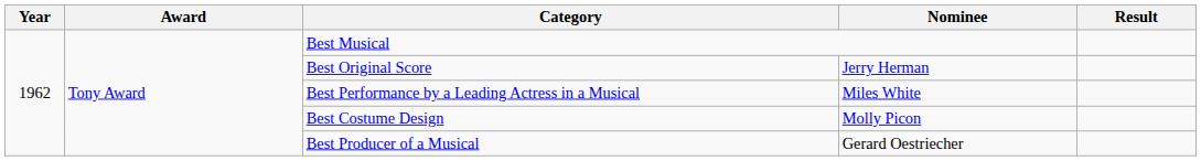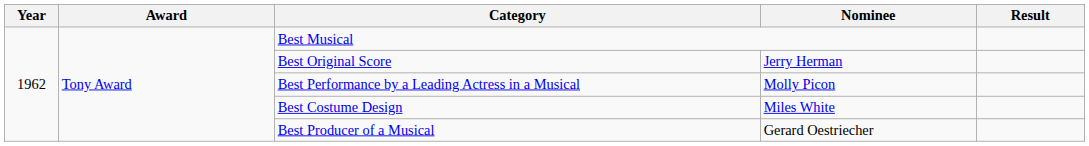 <table class="wikitable" width="95%">
 <tr>
 <th width="5%">Year</th>
 <th width="20%">Award</th>
 <th width="45%">Category</th>
 <th width="20%">Nominee</th>
 <th width="10%">Result</th>
 </tr>
 <tr>
 <td rowspan="5" align="center">1962</td>
 <td rowspan="5"><a href='#'>Tony Award</a></td>
 <td colspan="2"><a href='#'>Best Musical</a></td>
 <td></td>
 </tr>
 <tr>
 <td><a href='#'>Best Original Score</a></td>
 <td><a href='#'>Jerry Herman</a></td>
 <td></td>
 </tr>
 <tr>
 <td><a href='#'>Best Performance by a Leading Actress in a Musical</a></td>
-<td><a href='#'>Miles White</a></td>
+<td><a href='#'>Molly Picon</a></td>
 <td></td>
 </tr>
 <tr>
 <td><a href='#'>Best Costume Design</a></td>
-<td><a href='#'>Molly Picon</a></td>
+<td><a href='#'>Miles White</a></td>
 <td></td>
 </tr>
 <tr>
 <td><a href='#'>Best Producer of a Musical</a></td>
 <td>Gerard Oestriecher</td>
 <td></td>
 </tr>
 </table>
